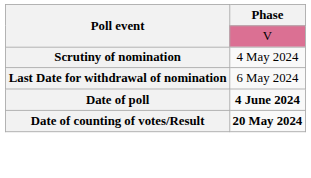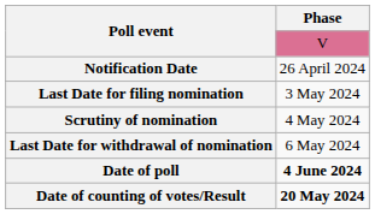 <table class="wikitable" style="text-align:center;margin:auto;font-size:90%;">
 <tr>
 <th rowspan=2>Poll event</th>
 <th>Phase</th>
 </tr>
 <tr>
 <td bgcolor=#DB7093>V</td>
+</tr>
+<tr>
+<th>Notification Date</th>
+<td>26 April 2024</td>
+</tr>
+<tr>
+<th>Last Date for filing nomination</th>
+<td>3 May 2024</td>
 </tr>
 <tr>
 <th>Scrutiny of nomination</th>
 <td>4 May 2024</td>
 </tr>
 <tr>
 <th>Last Date for withdrawal of nomination</th>
 <td>6 May 2024</td>
 </tr>
 <tr>
 <th>Date of poll</th>
 <td><strong>4 June 2024</strong></td>
 </tr>
 <tr>
 <th>Date of counting of votes/Result</th>
 <td><strong>20 May 2024</strong></td>
 </tr>
 </table>
